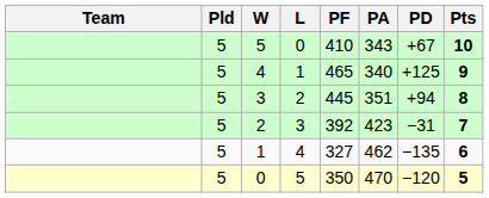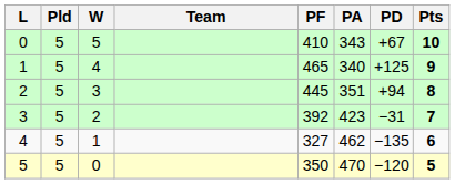 <table class=wikitable style="text-align:center">
 <tr>
-<th width=180>Team</th>
+<th width=30>L</th>
 <th width=30>Pld</th>
 <th width=30>W</th>
-<th width=30>L</th>
+<th width=180>Team</th>
 <th width=30>PF</th>
 <th width=30>PA</th>
 <th width=30>PD</th>
 <th width=30>Pts</th>
 </tr>
 <tr bgcolor="#ccffcc">
-<td align="left"></td>
+<td>0</td>
 <td>5</td>
 <td>5</td>
-<td>0</td>
+<td align="left"></td>
 <td>410</td>
 <td>343</td>
 <td>+67</td>
 <td><strong>10</strong></td>
 </tr>
 <tr bgcolor="#ccffcc">
-<td align="left"></td>
+<td>1</td>
 <td>5</td>
 <td>4</td>
-<td>1</td>
+<td align="left"></td>
 <td>465</td>
 <td>340</td>
 <td>+125</td>
 <td><strong>9</strong></td>
 </tr>
 <tr bgcolor="#ccffcc">
-<td align="left"></td>
+<td>2</td>
 <td>5</td>
 <td>3</td>
-<td>2</td>
+<td align="left"></td>
 <td>445</td>
 <td>351</td>
 <td>+94</td>
 <td><strong>8</strong></td>
 </tr>
 <tr bgcolor="#ccffcc">
-<td align="left"></td>
+<td>3</td>
 <td>5</td>
 <td>2</td>
-<td>3</td>
+<td align="left"></td>
 <td>392</td>
 <td>423</td>
 <td>−31</td>
 <td><strong>7</strong></td>
 </tr>
 <tr>
-<td align="left"></td>
+<td>4</td>
 <td>5</td>
 <td>1</td>
-<td>4</td>
+<td align="left"></td>
 <td>327</td>
 <td>462</td>
 <td>−135</td>
 <td><strong>6</strong></td>
 </tr>
 <tr bgcolor="#ffffcc">
-<td align="left"></td>
+<td>5</td>
 <td>5</td>
 <td>0</td>
-<td>5</td>
+<td align="left"></td>
 <td>350</td>
 <td>470</td>
 <td>−120</td>
 <td><strong>5</strong></td>
 </tr>
 </table>
